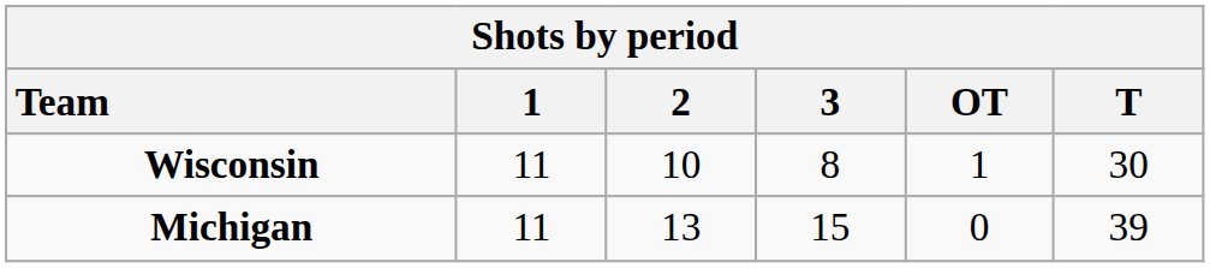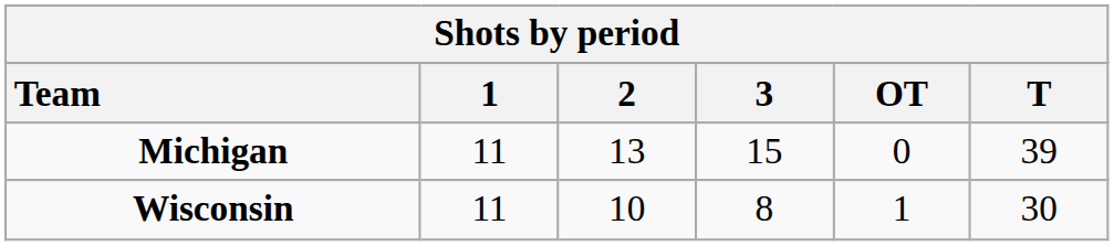 <table class="wikitable" style="width:30em; text-align:right;">
 <tr>
 <th colspan=6>Shots by period</th>
 </tr>
 <tr>
 <th style="width:10em; text-align:left;">Team</th>
 <th style="width:3em;">1</th>
 <th style="width:3em;">2</th>
 <th style="width:3em;">3</th>
 <th style="width:3em;">OT</th>
 <th style="width:3em;">T</th>
 </tr>
 <tr>
+<td align=center><strong>Michigan</strong></td>
+<td align=center>11</td>
+<td align=center>13</td>
+<td align=center>15</td>
+<td align=center>0</td>
+<td align=center>39</td>
+</tr>
+<tr>
 <td align=center><strong>Wisconsin</strong></td>
 <td align=center>11</td>
 <td align=center>10</td>
 <td align=center>8</td>
 <td align=center>1</td>
 <td align=center>30</td>
 </tr>
-<tr>
-<td align=center><strong>Michigan</strong></td>
-<td align=center>11</td>
-<td align=center>13</td>
-<td align=center>15</td>
-<td align=center>0</td>
-<td align=center>39</td>
-</tr>
 </table>
